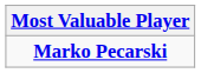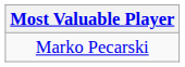 <table class=wikitable style="text-align:center; margin:auto">
 <tr>
 <th><a href='#'>Most Valuable Player</a></th>
 </tr>
 <tr>
-<td><strong> <a href='#'>Marko Pecarski</a></strong></td>
+<td> <a href='#'>Marko Pecarski</a></td>
 </tr>
 </table>
